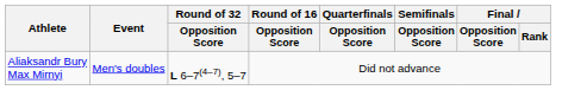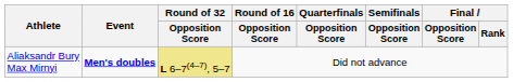 <table class=wikitable style="font-size:90%">
 <tr>
 <th rowspan="2">Athlete</th>
 <th rowspan="2">Event</th>
 <th>Round of 32</th>
 <th>Round of 16</th>
 <th>Quarterfinals</th>
 <th>Semifinals</th>
 <th colspan=2>Final / </th>
 </tr>
 <tr style="font-size:95%">
 <th>Opposition<br>Score</th>
 <th>Opposition<br>Score</th>
 <th>Opposition<br>Score</th>
 <th>Opposition<br>Score</th>
 <th>Opposition<br>Score</th>
 <th>Rank</th>
 </tr>
 <tr align=center>
 <td align=left><a href='#'>Aliaksandr Bury</a><br><a href='#'>Max Mirnyi</a></td>
-<td align=left><a href='#'>Men's doubles</a></td>
-<td><br><strong>L</strong> 6–7<sup>(4–7)</sup>, 5–7</td>
+<td align=left><strong><a href='#'>Men's doubles</a></strong></td>
+<td style="background: khaki;"><br><strong>L</strong> 6–7<sup>(4–7)</sup>, 5–7</td>
 <td colspan=6>Did not advance</td>
 </tr>
 </table>
